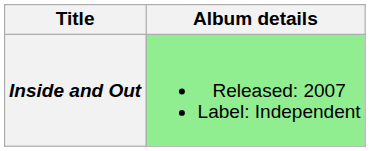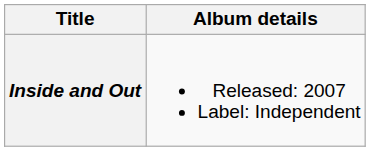 <table class="wikitable plainrowheaders" style="text-align:center;">
 <tr>
 <th scope="col">Title</th>
 <th scope="col">Album details</th>
 </tr>
 <tr>
 <th scope="row"><em>Inside and Out</em></th>
-<td style="background: lightgreen;"><br><ul><li>Released: 2007</li><li>Label: Independent</li></ul></td>
+<td><br><ul><li>Released: 2007</li><li>Label: Independent</li></ul></td>
 </tr>
 </table>
